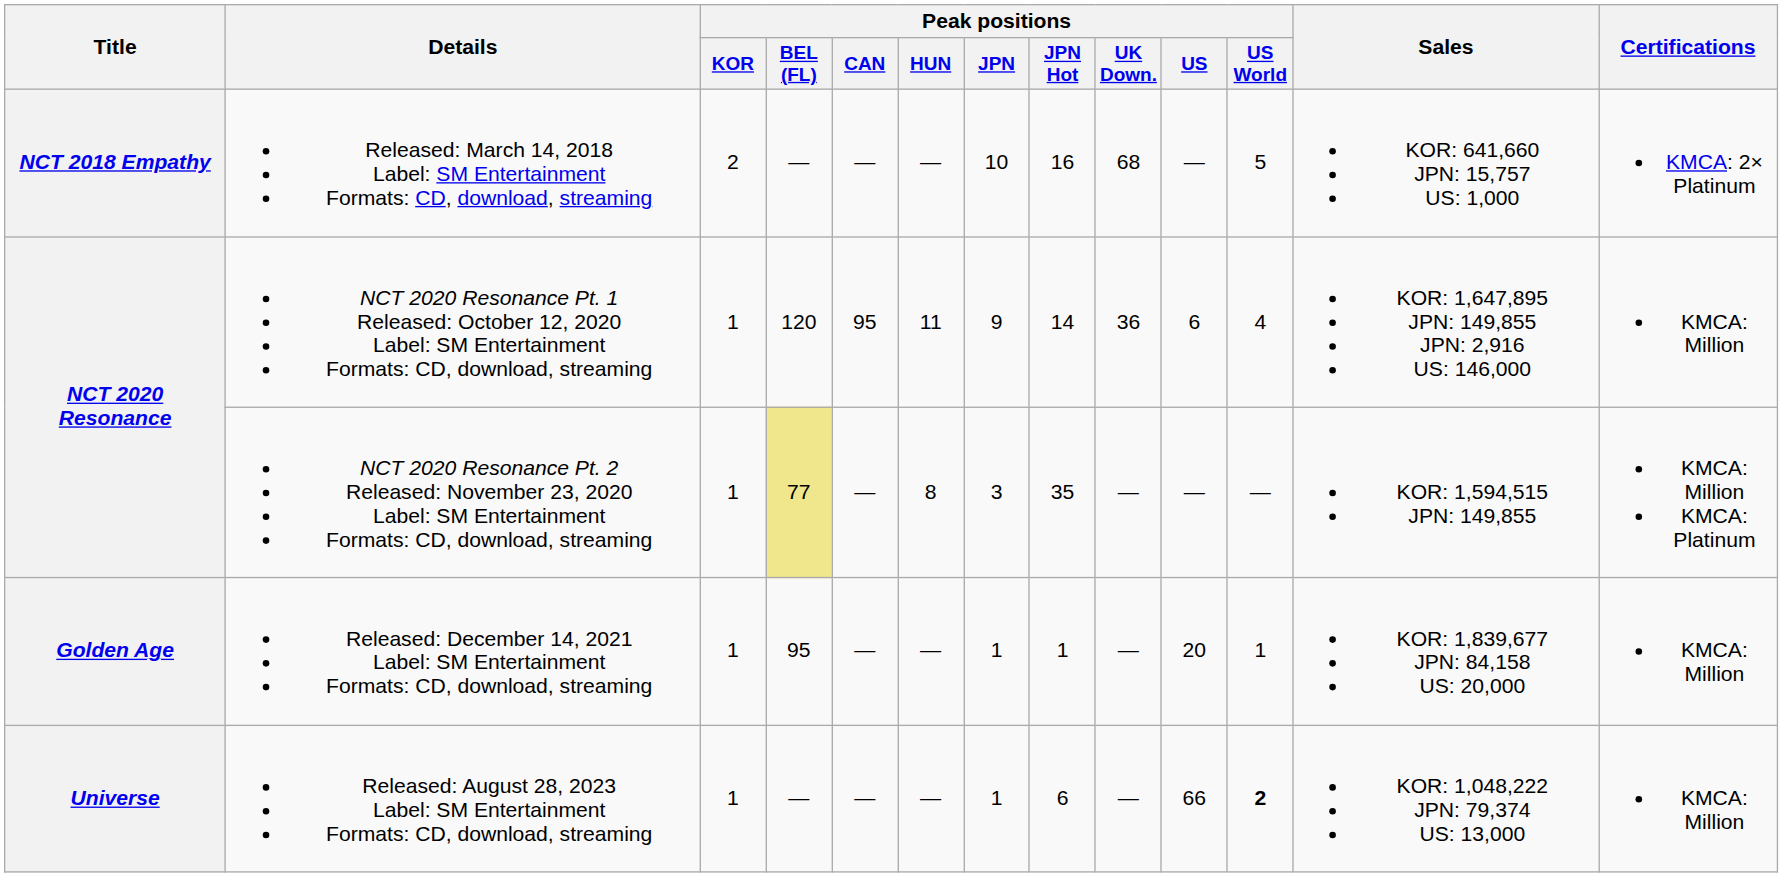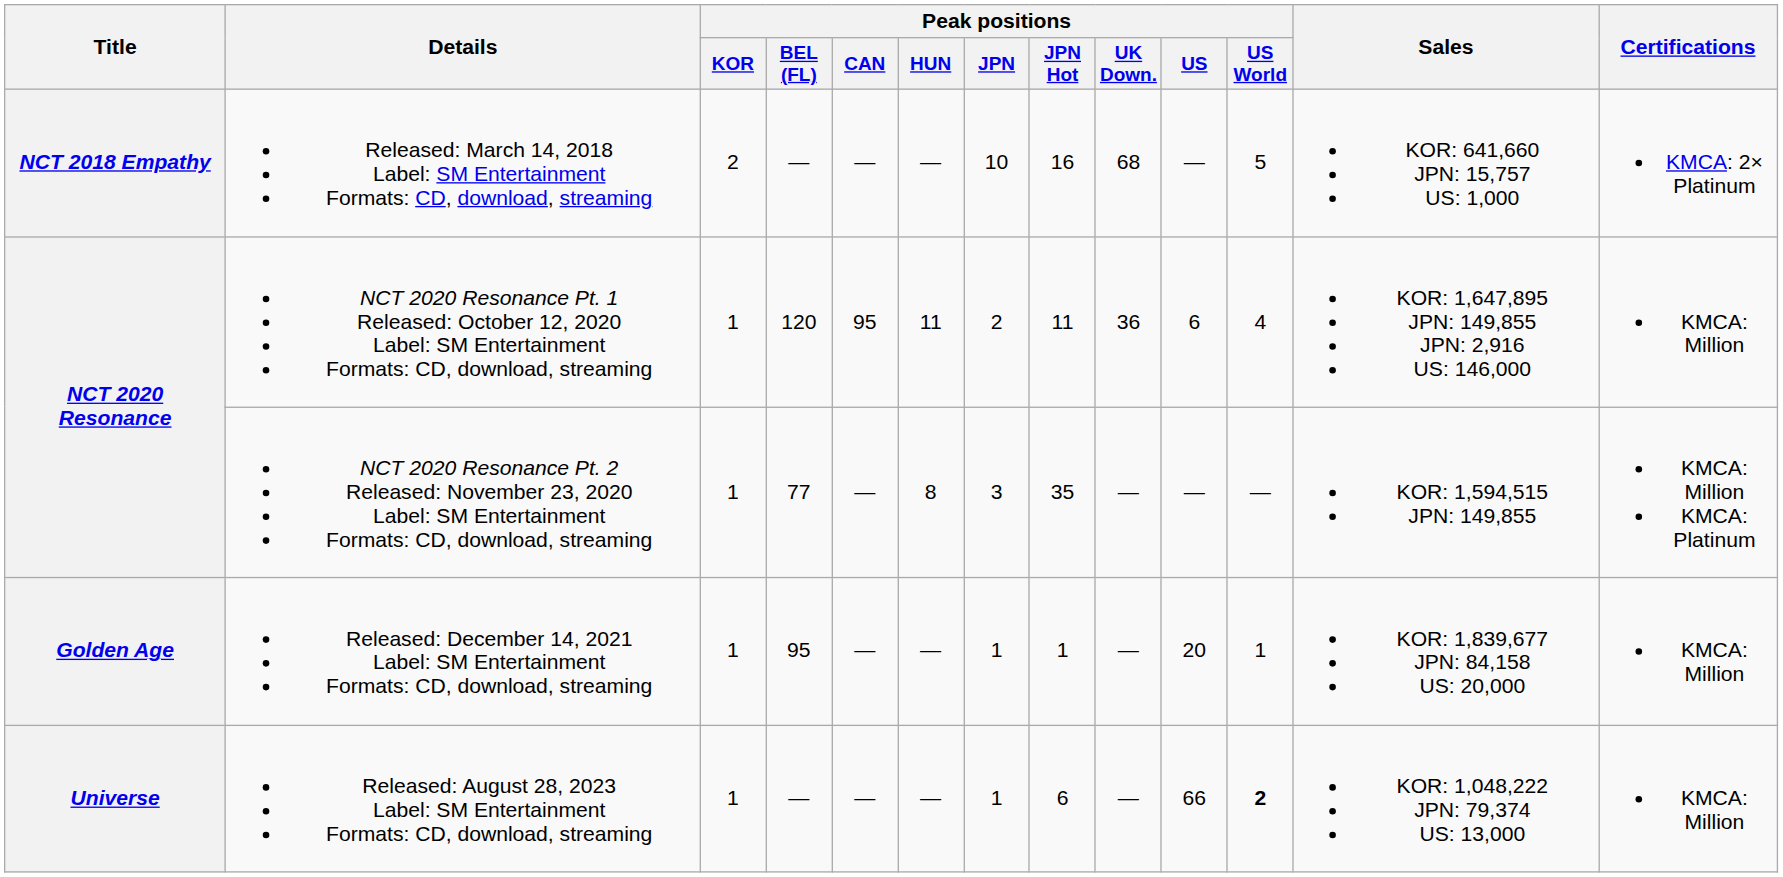 <table class="wikitable plainrowheaders" style="text-align:center;">
 <tr>
 <th scope="col" rowspan="2" style="width:10em;">Title</th>
 <th scope="col" rowspan="2" style="width:22em;">Details</th>
 <th scope="col" colspan="9">Peak positions</th>
 <th scope="col" rowspan="2" style="width:14em;">Sales</th>
 <th scope="col" rowspan="2" style="width:8em;"><a href='#'>Certifications</a></th>
 </tr>
 <tr>
 <th scope="col" style="width:3em;font-size:90%;"><a href='#'>KOR</a><br></th>
 <th scope="col" style="width:3em;font-size:90%;"><a href='#'>BEL<br>(FL)</a><br></th>
 <th scope="col" style="width:3em;font-size:90%;"><a href='#'>CAN</a><br></th>
 <th scope="col" style="width:3em;font-size:90%;"><a href='#'>HUN</a><br></th>
 <th scope="col" style="width:3em;font-size:90%;"><a href='#'>JPN</a><br></th>
 <th scope="col" style="width:3em;font-size:90%;"><a href='#'>JPN<br>Hot</a><br></th>
 <th scope="col" style="width:3em;font-size:90%;"><a href='#'>UK Down.</a><br></th>
 <th scope="col" style="width:3em;font-size:90%;"><a href='#'>US</a><br></th>
 <th scope="col" style="width:3em;font-size:90%;"><a href='#'>US<br>World</a><br></th>
 </tr>
 <tr>
 <th scope="row"><em><a href='#'>NCT 2018 Empathy</a></em></th>
 <td><br><ul><li>Released: March 14, 2018 </li><li>Label: <a href='#'>SM Entertainment</a></li><li>Formats: <a href='#'>CD</a>, <a href='#'>download</a>, <a href='#'>streaming</a></li></ul></td>
 <td>2</td>
 <td>—</td>
 <td>—</td>
 <td>—</td>
 <td>10</td>
 <td>16</td>
 <td>68</td>
 <td>—</td>
 <td>5</td>
 <td><br><ul><li>KOR: 641,660</li><li>JPN: 15,757</li><li>US: 1,000</li></ul></td>
 <td><br><ul><li><a href='#'>KMCA</a>: 2× Platinum</li></ul></td>
 </tr>
 <tr>
 <th scope="row" rowspan="2"><em><a href='#'>NCT 2020 Resonance</a></em></th>
 <td><br><ul><li><em>NCT 2020 Resonance Pt. 1</em></li><li>Released: October 12, 2020 </li><li>Label: SM Entertainment</li><li>Formats: CD, download, streaming</li></ul></td>
 <td>1</td>
 <td>120</td>
 <td>95</td>
 <td>11</td>
-<td>9</td>
-<td>14</td>
+<td>2</td>
+<td>11</td>
 <td>36</td>
 <td>6</td>
 <td>4</td>
 <td><br><ul><li>KOR: 1,647,895</li><li>JPN: 149,855 </li><li>JPN: 2,916 </li><li>US: 146,000</li></ul></td>
 <td><br><ul><li>KMCA: Million</li></ul></td>
 </tr>
 <tr>
 <td><br><ul><li><em>NCT 2020 Resonance Pt. 2</em></li><li>Released: November 23, 2020 </li><li>Label: SM Entertainment</li><li>Formats: CD, download, streaming</li></ul></td>
 <td>1</td>
-<td style="background: khaki;">77</td>
+<td>77</td>
 <td>—</td>
 <td>8</td>
 <td>3</td>
 <td>35</td>
 <td>—</td>
 <td>—</td>
 <td>—</td>
 <td><br><ul><li>KOR: 1,594,515</li><li>JPN: 149,855 </li></ul></td>
 <td><br><ul><li>KMCA: Million</li><li>KMCA: Platinum</li></ul></td>
 </tr>
 <tr>
 <th scope="row"><em><a href='#'>Golden Age</a></em></th>
 <td><br><ul><li>Released: December 14, 2021 </li><li>Label: SM Entertainment</li><li>Formats: CD, download, streaming</li></ul></td>
 <td>1</td>
 <td>95</td>
 <td>—</td>
 <td>—</td>
 <td>1</td>
 <td>1</td>
 <td>—</td>
 <td>20</td>
 <td>1</td>
 <td><br><ul><li>KOR: 1,839,677 </li><li>JPN: 84,158 </li><li>US: 20,000</li></ul></td>
 <td><br><ul><li>KMCA: Million</li></ul></td>
 </tr>
 <tr>
 <th scope="row"><em><a href='#'>Universe</a></em></th>
 <td><br><ul><li>Released: August 28, 2023 </li><li>Label: SM Entertainment</li><li>Formats: CD, download, streaming</li></ul></td>
 <td>1</td>
 <td>—</td>
 <td>—</td>
 <td>—</td>
 <td>1</td>
 <td>6</td>
 <td>—</td>
 <td>66</td>
 <td><strong>2</strong></td>
 <td><br><ul><li>KOR: 1,048,222</li><li>JPN: 79,374 </li><li>US: 13,000</li></ul></td>
 <td><br><ul><li>KMCA: Million</li></ul></td>
 </tr>
 </table>
